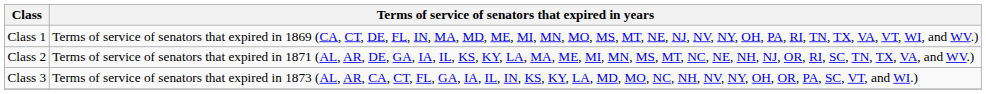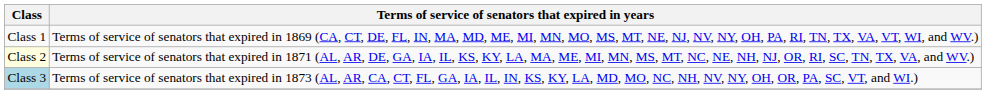 <table class="wikitable sortable">
 <tr valign=bottom>
 <th>Class</th>
 <th>Terms of service of senators that expired in years</th>
 </tr>
 <tr>
 <td>Class 1</td>
 <td>Terms of service of senators that expired in 1869 (<a href='#'>CA</a>, <a href='#'>CT</a>, <a href='#'>DE</a>, <a href='#'>FL</a>, <a href='#'>IN</a>, <a href='#'>MA</a>, <a href='#'>MD</a>, <a href='#'>ME</a>,  <a href='#'>MI</a>, <a href='#'>MN</a>, <a href='#'>MO</a>, <a href='#'>MS</a>, <a href='#'>MT</a>, <a href='#'>NE</a>, <a href='#'>NJ</a>, <a href='#'>NV</a>, <a href='#'>NY</a>, <a href='#'>OH</a>, <a href='#'>PA</a>, <a href='#'>RI</a>, <a href='#'>TN</a>, <a href='#'>TX</a>, <a href='#'>VA</a>, <a href='#'>VT</a>, <a href='#'>WI</a>, and <a href='#'>WV</a>.)</td>
 </tr>
 <tr>
-<td>Class 2</td>
+<td style="background: lightyellow;">Class 2</td>
 <td>Terms of service of senators that expired in 1871 (<a href='#'>AL</a>, <a href='#'>AR</a>, <a href='#'>DE</a>, <a href='#'>GA</a>, <a href='#'>IA</a>, <a href='#'>IL</a>, <a href='#'>KS</a>, <a href='#'>KY</a>, <a href='#'>LA</a>, <a href='#'>MA</a>, <a href='#'>ME</a>, <a href='#'>MI</a>, <a href='#'>MN</a>, <a href='#'>MS</a>, <a href='#'>MT</a>, <a href='#'>NC</a>, <a href='#'>NE</a>, <a href='#'>NH</a>, <a href='#'>NJ</a>, <a href='#'>OR</a>, <a href='#'>RI</a>, <a href='#'>SC</a>, <a href='#'>TN</a>, <a href='#'>TX</a>, <a href='#'>VA</a>, and <a href='#'>WV</a>.)</td>
 </tr>
 <tr>
-<td>Class 3</td>
+<td style="background: lightblue;">Class 3</td>
 <td>Terms of service of senators that expired in 1873 (<a href='#'>AL</a>, <a href='#'>AR</a>, <a href='#'>CA</a>, <a href='#'>CT</a>, <a href='#'>FL</a>, <a href='#'>GA</a>, <a href='#'>IA</a>, <a href='#'>IL</a>, <a href='#'>IN</a>, <a href='#'>KS</a>, <a href='#'>KY</a>, <a href='#'>LA</a>, <a href='#'>MD</a>, <a href='#'>MO</a>, <a href='#'>NC</a>, <a href='#'>NH</a>, <a href='#'>NV</a>, <a href='#'>NY</a>, <a href='#'>OH</a>, <a href='#'>OR</a>, <a href='#'>PA</a>, <a href='#'>SC</a>, <a href='#'>VT</a>, and <a href='#'>WI</a>.)</td>
 </tr>
 <tr>
 </tr>
 </table>
